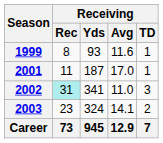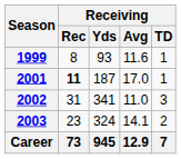 <table class="wikitable" style="text-align:center;">
 <tr>
 <th rowspan="2">Season</th>
 <th colspan="4">Receiving</th>
 </tr>
 <tr>
 <th>Rec</th>
 <th>Yds</th>
 <th>Avg</th>
 <th>TD</th>
 </tr>
 <tr>
 <th><a href='#'>1999</a></th>
 <td>8</td>
 <td>93</td>
 <td>11.6</td>
 <td>1</td>
 </tr>
 <tr>
 <th><a href='#'>2001</a></th>
-<td>11</td>
+<td><strong>11</strong></td>
 <td>187</td>
 <td>17.0</td>
 <td>1</td>
 </tr>
 <tr>
 <th><a href='#'>2002</a></th>
-<td style="background: paleturquoise;">31</td>
+<td>31</td>
 <td>341</td>
 <td>11.0</td>
 <td>3</td>
 </tr>
 <tr>
 <th><a href='#'>2003</a></th>
 <td>23</td>
 <td>324</td>
 <td>14.1</td>
 <td>2</td>
 </tr>
 <tr>
 <th>Career</th>
 <th>73</th>
 <th>945</th>
 <th>12.9</th>
 <th>7</th>
 </tr>
 </table>
